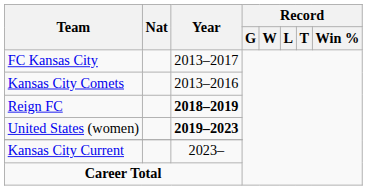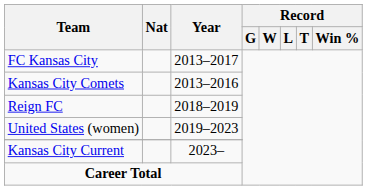 <table class="wikitable" style="text-align: center">
 <tr>
 <th rowspan="2">Team</th>
 <th rowspan="2">Nat</th>
 <th rowspan="2">Year</th>
 <th colspan="5">Record</th>
 </tr>
 <tr>
 <th>G</th>
 <th>W</th>
 <th>L</th>
 <th>T</th>
 <th>Win %</th>
 </tr>
 <tr>
 <td align="left"><a href='#'>FC Kansas City</a></td>
 <td></td>
 <td>2013–2017<br></td>
 </tr>
 <tr>
 <td align="left"><a href='#'>Kansas City Comets</a></td>
 <td></td>
 <td>2013–2016<br></td>
 </tr>
 <tr>
 <td align="left"><a href='#'>Reign FC</a></td>
 <td></td>
-<td><strong>2018–2019<br></strong></td>
+<td>2018–2019<br></td>
 </tr>
 <tr>
 <td align="left"><a href='#'>United States</a> (women)</td>
 <td></td>
-<td><strong>2019–2023<br></strong></td>
+<td>2019–2023<br></td>
 </tr>
 <tr>
 </tr>
 <tr>
 <td align="left"><a href='#'>Kansas City Current</a></td>
 <td></td>
 <td>2023–<br></td>
 </tr>
 <tr>
 <td colspan=3><strong>Career Total</strong><br></td>
 </tr>
 </table>
